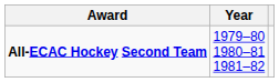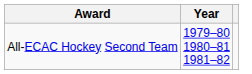 <table class="wikitable">
 <tr>
 <th>Award</th>
 <th>Year</th>
 <th></th>
 </tr>
 <tr>
-<td><strong>All-<a href='#'>ECAC Hockey</a> <a href='#'>Second Team</a></strong></td>
+<td>All-<a href='#'>ECAC Hockey</a> <a href='#'>Second Team</a></td>
 <td><a href='#'>1979–80</a><br><a href='#'>1980–81</a><br><a href='#'>1981–82</a></td>
 <td></td>
 </tr>
 </table>
